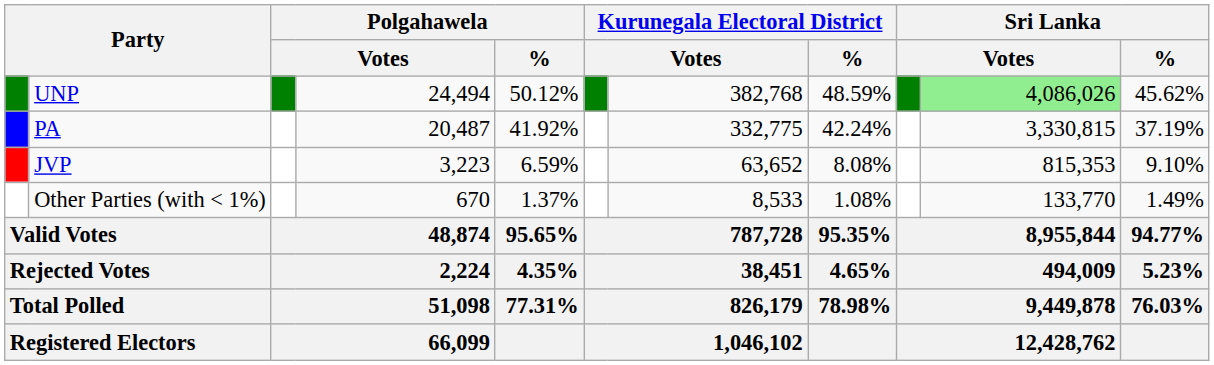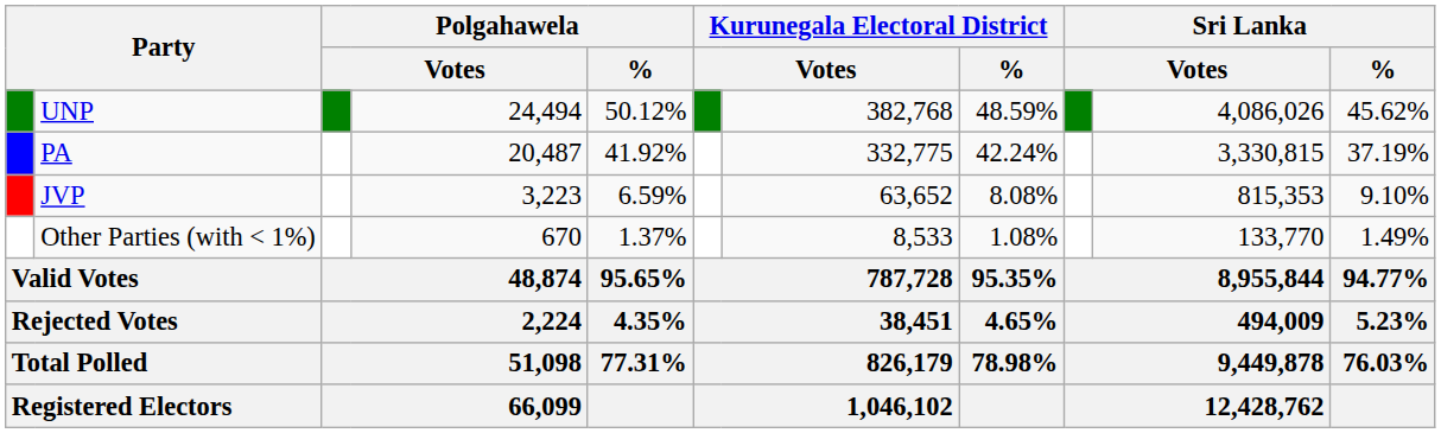 <table class="wikitable">
 <tr>
 <th colspan="2" width="144px"rowspan="2">Party</th>
 <th colspan="3" width="216px">Polgahawela</th>
 <th colspan="3" width="216px"><a href='#'>Kurunegala Electoral District</a></th>
 <th colspan="3" width="216px">Sri Lanka</th>
 </tr>
 <tr>
 <th colspan="2" width="144px">Votes</th>
 <th>%</th>
 <th colspan="2" width="144px">Votes</th>
 <th>%</th>
 <th colspan="2" width="144px">Votes</th>
 <th>%</th>
 </tr>
 <tr>
 <td style="background-color:green;" width="10px"></td>
 <td style="text-align:left;"><a href='#'>UNP</a></td>
 <td style="background-color:green;" width="10px"></td>
 <td style="text-align:right;">24,494</td>
 <td style="text-align:right;">50.12%</td>
 <td style="background-color:green;" width="10px"></td>
 <td style="text-align:right;">382,768</td>
 <td style="text-align:right;">48.59%</td>
 <td style="background-color:green;" width="10px"></td>
-<td style="background: lightgreen; text-align:right;">4,086,026</td>
+<td style="text-align:right;">4,086,026</td>
 <td style="text-align:right;">45.62%</td>
 </tr>
 <tr>
 <td style="background-color:blue;" width="10px"></td>
 <td style="text-align:left;"><a href='#'>PA</a></td>
 <td style="background-color:white;" width="10px"></td>
 <td style="text-align:right;">20,487</td>
 <td style="text-align:right;">41.92%</td>
 <td style="background-color:white;" width="10px"></td>
 <td style="text-align:right;">332,775</td>
 <td style="text-align:right;">42.24%</td>
 <td style="background-color:white;" width="10px"></td>
 <td style="text-align:right;">3,330,815</td>
 <td style="text-align:right;">37.19%</td>
 </tr>
 <tr>
 <td style="background-color:red;" width="10px"></td>
 <td style="text-align:left;"><a href='#'>JVP</a></td>
 <td style="background-color:white;" width="10px"></td>
 <td style="text-align:right;">3,223</td>
 <td style="text-align:right;">6.59%</td>
 <td style="background-color:white;" width="10px"></td>
 <td style="text-align:right;">63,652</td>
 <td style="text-align:right;">8.08%</td>
 <td style="background-color:white;" width="10px"></td>
 <td style="text-align:right;">815,353</td>
 <td style="text-align:right;">9.10%</td>
 </tr>
 <tr>
 <td style="background-color:white;" width="10px"></td>
 <td style="text-align:left;">Other Parties (with < 1%)</td>
 <td style="background-color:white;" width="10px"></td>
 <td style="text-align:right;">670</td>
 <td style="text-align:right;">1.37%</td>
 <td style="background-color:white;" width="10px"></td>
 <td style="text-align:right;">8,533</td>
 <td style="text-align:right;">1.08%</td>
 <td style="background-color:white;" width="10px"></td>
 <td style="text-align:right;">133,770</td>
 <td style="text-align:right;">1.49%</td>
 </tr>
 <tr>
 <th colspan="2" width="144px"style="text-align:left;">Valid Votes</th>
 <th style="text-align:right;"colspan="2" width="144px">48,874</th>
 <th style="text-align:right;">95.65%</th>
 <th style="text-align:right;"colspan="2" width="144px">787,728</th>
 <th style="text-align:right;">95.35%</th>
 <th style="text-align:right;"colspan="2" width="144px">8,955,844</th>
 <th style="text-align:right;">94.77%</th>
 </tr>
 <tr>
 <th colspan="2" width="144px"style="text-align:left;">Rejected Votes</th>
 <th style="text-align:right;"colspan="2" width="144px">2,224</th>
 <th style="text-align:right;">4.35%</th>
 <th style="text-align:right;"colspan="2" width="144px">38,451</th>
 <th style="text-align:right;">4.65%</th>
 <th style="text-align:right;"colspan="2" width="144px">494,009</th>
 <th style="text-align:right;">5.23%</th>
 </tr>
 <tr>
 <th colspan="2" width="144px"style="text-align:left;">Total Polled</th>
 <th style="text-align:right;"colspan="2" width="144px">51,098</th>
 <th style="text-align:right;">77.31%</th>
 <th style="text-align:right;"colspan="2" width="144px">826,179</th>
 <th style="text-align:right;">78.98%</th>
 <th style="text-align:right;"colspan="2" width="144px">9,449,878</th>
 <th style="text-align:right;">76.03%</th>
 </tr>
 <tr>
 <th colspan="2" width="144px"style="text-align:left;">Registered Electors</th>
 <th style="text-align:right;"colspan="2" width="144px">66,099</th>
 <th></th>
 <th style="text-align:right;"colspan="2" width="144px">1,046,102</th>
 <th></th>
 <th style="text-align:right;"colspan="2" width="144px">12,428,762</th>
 <th></th>
 </tr>
 </table>
